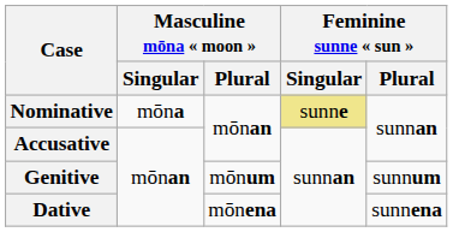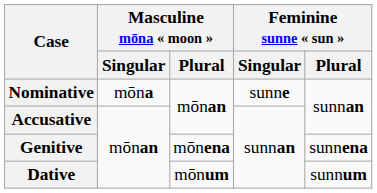 <table class="wikitable" style="text-align:center">
 <tr>
 <th rowspan="2">Case</th>
 <th colspan="2">Masculine<br><small><a href='#'>mōna</a> « moon »</small></th>
 <th colspan="2">Feminine<br><small><a href='#'>sunne</a> « sun »</small></th>
 </tr>
 <tr>
 <th>Singular</th>
 <th>Plural</th>
 <th>Singular</th>
 <th>Plural</th>
 </tr>
 <tr>
 <th>Nominative</th>
 <td>mōn<strong>a</strong></td>
 <td rowspan="2">mōn<strong>an</strong></td>
-<td style="background: khaki;">sunn<strong>e</strong></td>
+<td>sunn<strong>e</strong></td>
 <td rowspan="2">sunn<strong>an</strong></td>
 </tr>
 <tr>
 <th>Accusative</th>
 <td rowspan="3">mōn<strong>an</strong></td>
 <td rowspan="3">sunn<strong>an</strong></td>
 </tr>
 <tr>
 <th>Genitive</th>
+<td>mōn<strong>ena</strong></td>
+<td>sunn<strong>ena</strong></td>
+</tr>
+<tr>
+<th>Dative</th>
 <td>mōn<strong>um</strong></td>
 <td>sunn<strong>um</strong></td>
 </tr>
-<tr>
-<th>Dative</th>
-<td>mōn<strong>ena</strong></td>
-<td>sunn<strong>ena</strong></td>
-</tr>
 </table>
